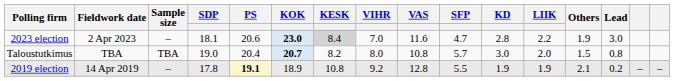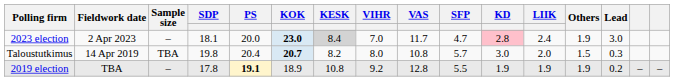 <table class="wikitable sortable mw-datatable" style="text-align:center;font-size:90%;line-height:14px;">
 <tr>
 <th rowspan="2">Polling firm</th>
 <th rowspan="2">Fieldwork date</th>
 <th rowspan="2">Sample<br>size</th>
 <th class="unsortable" style="width:50px;"><a href='#'>SDP</a></th>
 <th class="unsortable" style="width:50px;"><a href='#'>PS</a></th>
 <th class="unsortable" style="width:50px;"><a href='#'>KOK</a></th>
 <th class="unsortable" style="width:50px;"><a href='#'>KESK</a></th>
 <th class="unsortable" style="width:50px;"><a href='#'>VIHR</a></th>
 <th class="unsortable" style="width:50px;"><a href='#'>VAS</a></th>
 <th class="unsortable" style="width:50px;"><a href='#'>SFP</a></th>
 <th class="unsortable" style="width:50px;"><a href='#'>KD</a></th>
 <th class="unsortable" style="width:50px;"><a href='#'>LIIK</a></th>
 <th class="unsortable" style="width:30px;" rowspan="2">Others</th>
 <th class="unsortable" style="width:30px;" rowspan="2">Lead</th>
 <th class="unsortable" style="width:20px;" rowspan="2"></th>
 <th class="unsortable" style="width:20px;" rowspan="2"></th>
 </tr>
 <tr>
 <th data-sort-type="number" style="background:"></th>
 <th data-sort-type="number" style="background:"></th>
 <th data-sort-type="number" style="background:"></th>
 <th data-sort-type="number" style="background:"></th>
 <th data-sort-type="number" style="background:"></th>
 <th data-sort-type="number" style="background:"></th>
 <th data-sort-type="number" style="background:"></th>
 <th data-sort-type="number" style="background:"></th>
 <th data-sort-type="number" style="background:"></th>
 </tr>
 <tr>
 <td><a href='#'>2023 election</a></td>
 <td data-sort-value="2023-04-02">2 Apr 2023</td>
 <td>–</td>
 <td>18.1</td>
-<td>20.6</td>
+<td>20.0</td>
 <td style="background:#D9E9F4;"><strong>23.0</strong></td>
 <td style="background: lightgrey;">8.4</td>
 <td>7.0</td>
-<td>11.6</td>
+<td>11.7</td>
 <td>4.7</td>
-<td>2.8</td>
-<td>2.2</td>
+<td style="background: pink;">2.8</td>
+<td>2.4</td>
 <td>1.9</td>
 <td style="background:">3.0</td>
 <td></td>
 <td></td>
 </tr>
 <tr>
 <td>Taloustutkimus</td>
-<td data-sort-value="2023-03-01">TBA</td>
+<td data-sort-value="2019-04-14">14 Apr 2019</td>
 <td>TBA</td>
-<td>19.0</td>
+<td>19.8</td>
 <td>20.4</td>
 <td style="background:#D9E9F4;"><strong>20.7</strong></td>
 <td>8.2</td>
 <td>8.0</td>
 <td>10.8</td>
 <td>5.7</td>
 <td>3.0</td>
 <td>2.0</td>
 <td>1.5</td>
-<td style="background:">0.8</td>
+<td style="background:">0.3</td>
 <td></td>
 <td></td>
 </tr>
 <tr style="background:#E9E9E9;">
 <td><a href='#'>2019 election</a></td>
-<td data-sort-value="2019-04-14">14 Apr 2019</td>
+<td data-sort-value="2023-03-01">TBA</td>
 <td>–</td>
 <td>17.8</td>
 <td style="background:#FFF5CC;"><strong>19.1</strong></td>
 <td>18.9</td>
 <td>10.8</td>
 <td>9.2</td>
 <td>12.8</td>
 <td>5.5</td>
 <td>1.9</td>
 <td>1.9</td>
-<td>2.1</td>
+<td>1.9</td>
 <td style="background:">0.2</td>
 <td>–</td>
 <td>–</td>
 </tr>
 </table>
